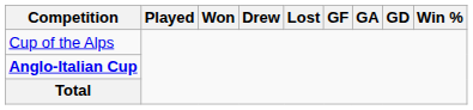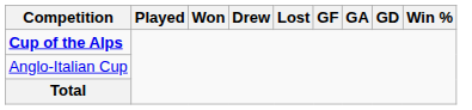 <table class="wikitable sortable" style="text-align: center;">
 <tr>
 <th>Competition</th>
 <th>Played</th>
 <th>Won</th>
 <th>Drew</th>
 <th>Lost</th>
 <th>GF</th>
 <th>GA</th>
 <th>GD</th>
 <th>Win %</th>
 </tr>
 <tr>
-<td align=left><a href='#'>Cup of the Alps</a><br></td>
+<td align=left><strong><a href='#'>Cup of the Alps</a><br></strong></td>
 </tr>
 <tr>
-<td align=left><strong><a href='#'>Anglo-Italian Cup</a><br></strong></td>
+<td align=left><a href='#'>Anglo-Italian Cup</a><br></td>
 </tr>
 <tr>
 <th>Total<br></th>
 </tr>
 </table>
